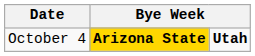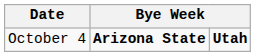 <table class="wikitable" style="font-size:95%;">
 <tr>
 <th>Date</th>
 <th colspan="2">Bye Week</th>
 </tr>
 <tr>
 <td>October 4</td>
-<td style="background: gold;"><strong>Arizona State</strong></td>
+<td><strong>Arizona State</strong></td>
 <td><strong>Utah</strong></td>
 </tr>
 </table>
